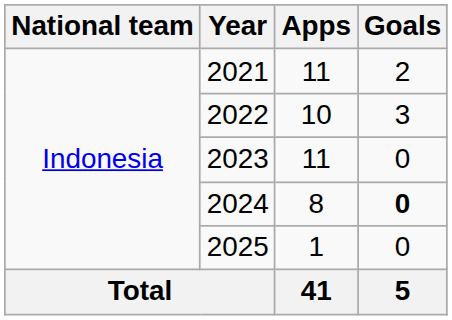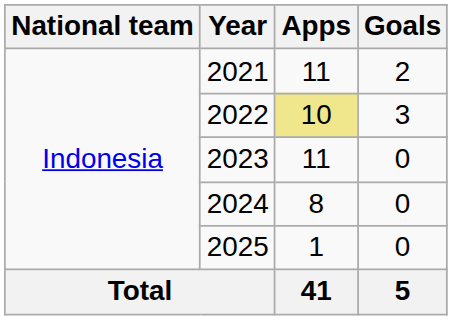 <table class="wikitable" style="text-align:center">
 <tr>
 <th>National team</th>
 <th>Year</th>
 <th>Apps</th>
 <th>Goals</th>
 </tr>
 <tr>
 <td rowspan=5><a href='#'>Indonesia</a></td>
 <td>2021</td>
 <td>11</td>
 <td>2</td>
 </tr>
 <tr>
 <td>2022</td>
-<td>10</td>
+<td style="background: khaki;">10</td>
 <td>3</td>
 </tr>
 <tr>
 <td>2023</td>
 <td>11</td>
 <td>0</td>
 </tr>
 <tr>
 <td>2024</td>
 <td>8</td>
-<td><strong>0</strong></td>
+<td>0</td>
 </tr>
 <tr>
 <td>2025</td>
 <td>1</td>
 <td>0</td>
 </tr>
 <tr>
 <th colspan=2>Total</th>
 <th>41</th>
 <th>5</th>
 </tr>
 </table>
